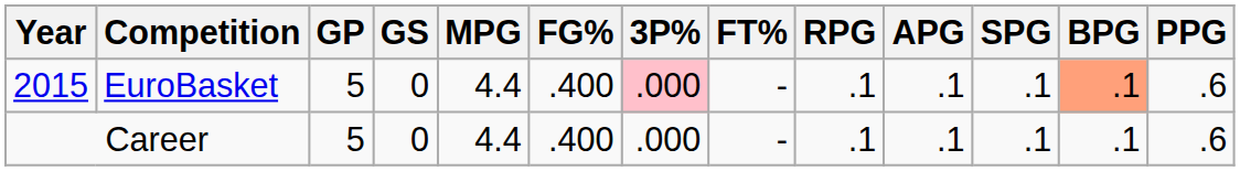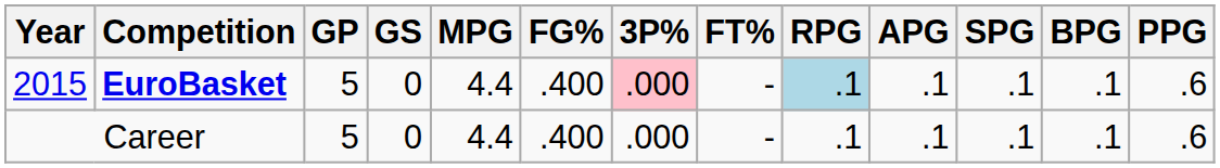 <table class="wikitable sortable" style="font-size:95%; text-align:right;">
 <tr>
 <th>Year</th>
 <th>Competition</th>
 <th>GP</th>
 <th>GS</th>
 <th>MPG</th>
 <th>FG%</th>
 <th>3P%</th>
 <th>FT%</th>
 <th>RPG</th>
 <th>APG</th>
 <th>SPG</th>
 <th>BPG</th>
 <th>PPG</th>
 </tr>
 <tr>
 <td style="text-align:left;"><a href='#'>2015</a></td>
-<td style="text-align:left;"><a href='#'>EuroBasket</a></td>
+<td style="text-align:left;"><strong><a href='#'>EuroBasket</a></strong></td>
 <td>5</td>
 <td>0</td>
 <td>4.4</td>
 <td>.400</td>
 <td style="background: pink;">.000</td>
 <td>-</td>
+<td style="background: lightblue;">.1</td>
 <td>.1</td>
 <td>.1</td>
 <td>.1</td>
-<td style="background: lightsalmon;">.1</td>
 <td>.6</td>
 </tr>
 <tr class="sortbottom">
 <td style="text-align:center;" colspan=2>Career</td>
 <td>5</td>
 <td>0</td>
 <td>4.4</td>
 <td>.400</td>
 <td>.000</td>
 <td>-</td>
 <td>.1</td>
 <td>.1</td>
 <td>.1</td>
 <td>.1</td>
 <td>.6</td>
 </tr>
 </table>
